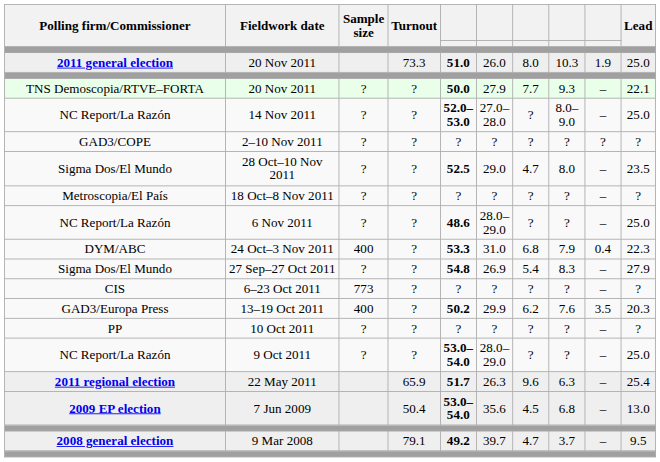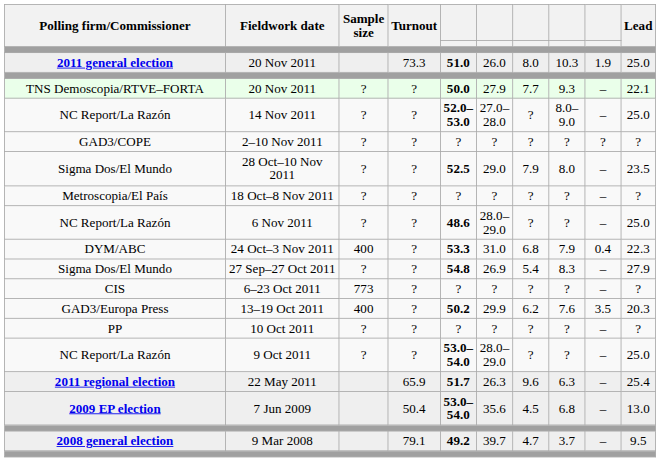 <table class="wikitable collapsible collapsed" style="text-align:center; font-size:95%; line-height:16px;">
 <tr style="height:42px;">
 <th style="width:250px;" rowspan="2">Polling firm/Commissioner</th>
 <th style="width:125px;" rowspan="2">Fieldwork date</th>
 <th style="width:50px;" rowspan="2">Sample size</th>
 <th style="width:45px;" rowspan="2">Turnout</th>
 <th style="width:35px;"></th>
 <th style="width:35px;"></th>
 <th style="width:35px;"></th>
 <th style="width:35px;"></th>
 <th style="width:35px;"></th>
 <th style="width:30px;" rowspan="2">Lead</th>
 </tr>
 <tr>
 <th style="color:inherit;background:"></th>
 <th style="color:inherit;background:"></th>
 <th style="color:inherit;background:"></th>
 <th style="color:inherit;background:"></th>
 <th style="color:inherit;background:"></th>
 </tr>
 <tr>
 <td colspan="10" style="background:#A0A0A0"></td>
 </tr>
 <tr style="background:#EFEFEF;">
 <td><strong><a href='#'>2011 general election</a></strong></td>
 <td>20 Nov 2011</td>
 <td></td>
 <td>73.3</td>
 <td><strong>51.0</strong><br></td>
 <td>26.0<br></td>
 <td>8.0<br></td>
 <td>10.3<br></td>
 <td>1.9<br></td>
 <td style="background:">25.0</td>
 </tr>
 <tr>
 <td colspan="10" style="background:#A0A0A0"></td>
 </tr>
 <tr style="background:#EAFFEA;">
 <td>TNS Demoscopia/RTVE–FORTA</td>
 <td>20 Nov 2011</td>
 <td>?</td>
 <td>?</td>
 <td><strong>50.0</strong><br></td>
 <td>27.9<br></td>
 <td>7.7<br></td>
 <td>9.3<br></td>
 <td>–</td>
 <td style="background:">22.1</td>
 </tr>
 <tr>
 <td>NC Report/La Razón</td>
 <td>14 Nov 2011</td>
 <td>?</td>
 <td>?</td>
 <td><strong>52.0–<br>53.0</strong><br></td>
 <td>27.0–<br>28.0<br></td>
 <td>?<br></td>
 <td>8.0–<br>9.0<br></td>
 <td>–</td>
 <td style="background:">25.0</td>
 </tr>
 <tr>
 <td>GAD3/COPE</td>
 <td>2–10 Nov 2011</td>
 <td>?</td>
 <td>?</td>
 <td>?<br></td>
 <td>?<br></td>
 <td>?<br></td>
 <td>?<br></td>
 <td>?<br></td>
 <td style="background:">?</td>
 </tr>
 <tr>
 <td>Sigma Dos/El Mundo</td>
 <td>28 Oct–10 Nov 2011</td>
 <td>?</td>
 <td>?</td>
 <td><strong>52.5</strong><br></td>
 <td>29.0<br></td>
-<td>4.7<br></td>
+<td>7.9<br></td>
 <td>8.0<br></td>
 <td>–</td>
 <td style="background:">23.5</td>
 </tr>
 <tr>
 <td>Metroscopia/El País</td>
 <td>18 Oct–8 Nov 2011</td>
 <td>?</td>
 <td>?</td>
 <td>?<br></td>
 <td>?<br></td>
 <td>?<br></td>
 <td>?<br></td>
 <td>–</td>
 <td style="background:">?</td>
 </tr>
 <tr>
 <td>NC Report/La Razón</td>
 <td>6 Nov 2011</td>
 <td>?</td>
 <td>?</td>
 <td><strong>48.6</strong><br></td>
 <td>28.0–<br>29.0<br></td>
 <td>?<br></td>
 <td>?<br></td>
 <td>–</td>
 <td style="background:">25.0</td>
 </tr>
 <tr>
 <td>DYM/ABC</td>
 <td>24 Oct–3 Nov 2011</td>
 <td>400</td>
 <td>?</td>
 <td><strong>53.3</strong><br></td>
 <td>31.0<br></td>
 <td>6.8<br></td>
 <td>7.9<br></td>
 <td>0.4<br></td>
 <td style="background:">22.3</td>
 </tr>
 <tr>
 <td>Sigma Dos/El Mundo</td>
 <td>27 Sep–27 Oct 2011</td>
 <td>?</td>
 <td>?</td>
 <td><strong>54.8</strong><br></td>
 <td>26.9<br></td>
 <td>5.4<br></td>
 <td>8.3<br></td>
 <td>–</td>
 <td style="background:">27.9</td>
 </tr>
 <tr>
 <td>CIS</td>
 <td>6–23 Oct 2011</td>
 <td>773</td>
 <td>?</td>
 <td>?<br></td>
 <td>?<br></td>
 <td>?<br></td>
 <td>?<br></td>
 <td>–</td>
 <td style="background:">?</td>
 </tr>
 <tr>
 <td>GAD3/Europa Press</td>
 <td>13–19 Oct 2011</td>
 <td>400</td>
 <td>?</td>
 <td><strong>50.2</strong><br></td>
 <td>29.9<br></td>
 <td>6.2<br></td>
 <td>7.6<br></td>
 <td>3.5<br></td>
 <td style="background:">20.3</td>
 </tr>
 <tr>
 <td>PP</td>
 <td>10 Oct 2011</td>
 <td>?</td>
 <td>?</td>
 <td>?<br></td>
 <td>?<br></td>
 <td>?<br></td>
 <td>?<br></td>
 <td>–</td>
 <td style="background:">?</td>
 </tr>
 <tr>
 <td>NC Report/La Razón</td>
 <td>9 Oct 2011</td>
 <td>?</td>
 <td>?</td>
 <td><strong>53.0–<br>54.0</strong><br></td>
 <td>28.0–<br>29.0<br></td>
 <td>?<br></td>
 <td>?<br></td>
 <td>–</td>
 <td style="background:">25.0</td>
 </tr>
 <tr style="background:#EFEFEF;">
 <td><strong><a href='#'>2011 regional election</a></strong></td>
 <td>22 May 2011</td>
 <td></td>
 <td>65.9</td>
 <td><strong>51.7</strong><br></td>
 <td>26.3<br></td>
 <td>9.6<br></td>
 <td>6.3<br></td>
 <td>–</td>
 <td style="background:">25.4</td>
 </tr>
 <tr style="background:#EFEFEF;">
 <td><strong><a href='#'>2009 EP election</a></strong></td>
 <td>7 Jun 2009</td>
 <td></td>
 <td>50.4</td>
 <td><strong>53.0–<br>54.0</strong><br></td>
 <td>35.6<br></td>
 <td>4.5<br></td>
 <td>6.8<br></td>
 <td>–</td>
 <td style="background:">13.0</td>
 </tr>
 <tr>
 <td colspan="10" style="background:#A0A0A0"></td>
 </tr>
 <tr style="background:#EFEFEF;">
 <td><strong><a href='#'>2008 general election</a></strong></td>
 <td>9 Mar 2008</td>
 <td></td>
 <td>79.1</td>
 <td><strong>49.2</strong><br></td>
 <td>39.7<br></td>
 <td>4.7<br></td>
 <td>3.7<br></td>
 <td>–</td>
 <td style="background:">9.5</td>
 </tr>
 <tr>
 <td colspan="10" style="background:#A0A0A0"></td>
 </tr>
 </table>
